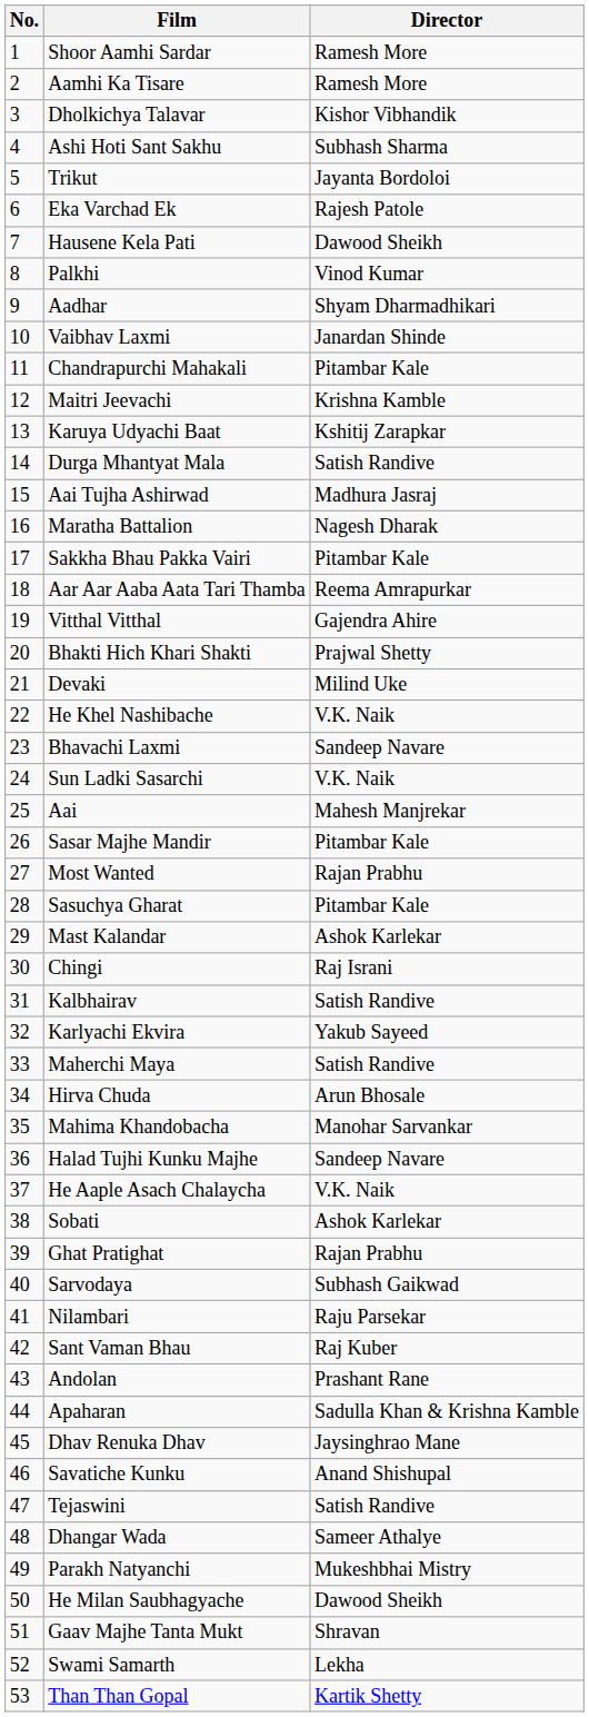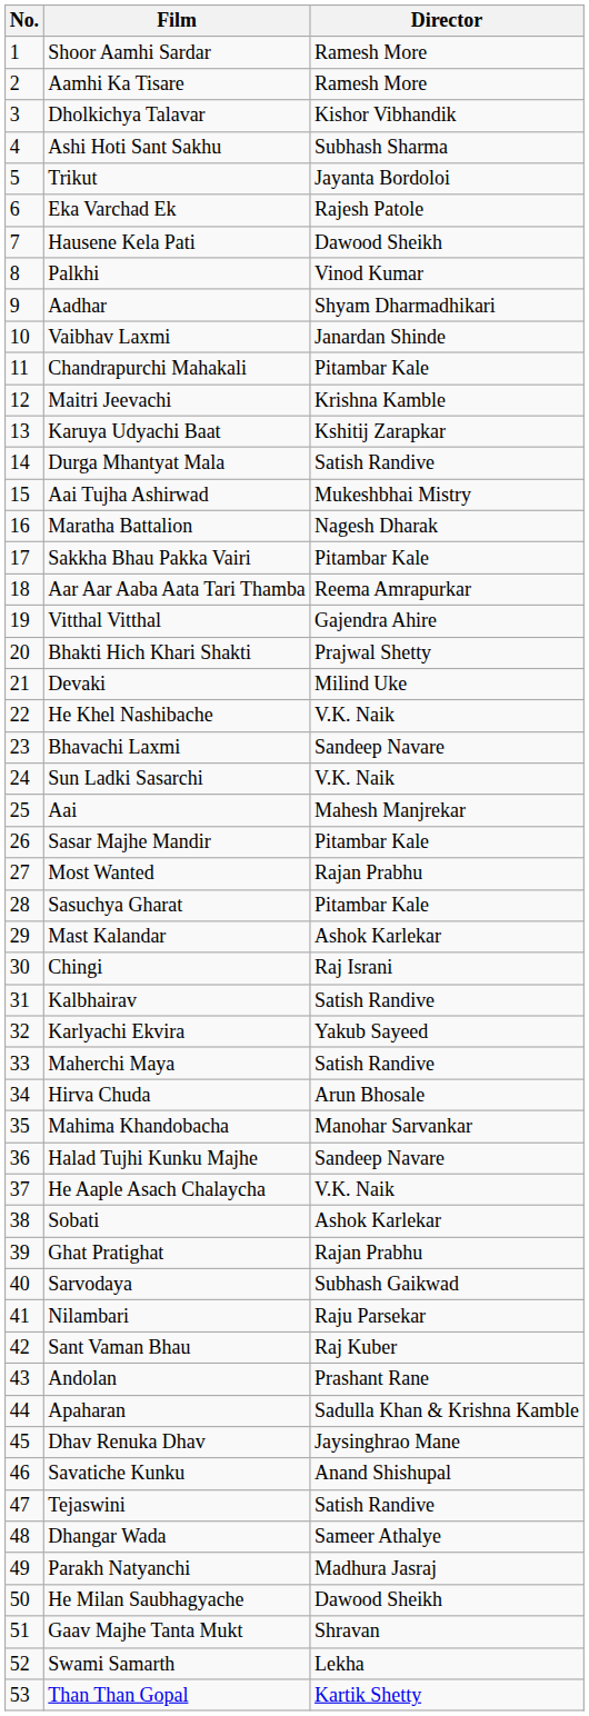 <table class="wikitable sortable">
 <tr>
 <th scope="col">No.</th>
 <th scope="col">Film</th>
 <th scope="col">Director</th>
 </tr>
 <tr>
 <td>1</td>
 <td scope="row">Shoor Aamhi Sardar</td>
 <td>Ramesh More</td>
 </tr>
 <tr>
 <td>2</td>
 <td scope="row">Aamhi Ka Tisare</td>
 <td>Ramesh More</td>
 </tr>
 <tr>
 <td>3</td>
 <td scope="row">Dholkichya Talavar</td>
 <td>Kishor Vibhandik</td>
 </tr>
 <tr>
 <td>4</td>
 <td scope="row">Ashi Hoti Sant Sakhu</td>
 <td>Subhash Sharma</td>
 </tr>
 <tr>
 <td>5</td>
 <td scope="row">Trikut</td>
 <td>Jayanta Bordoloi</td>
 </tr>
 <tr>
 <td>6</td>
 <td scope="row">Eka Varchad Ek</td>
 <td>Rajesh Patole</td>
 </tr>
 <tr>
 <td>7</td>
 <td scope="row">Hausene Kela Pati</td>
 <td>Dawood Sheikh</td>
 </tr>
 <tr>
 <td>8</td>
 <td scope="row">Palkhi</td>
 <td>Vinod Kumar</td>
 </tr>
 <tr>
 <td>9</td>
 <td scope="row">Aadhar</td>
 <td>Shyam Dharmadhikari</td>
 </tr>
 <tr>
 <td>10</td>
 <td scope="row">Vaibhav Laxmi</td>
 <td>Janardan Shinde</td>
 </tr>
 <tr>
 <td>11</td>
 <td scope="row">Chandrapurchi Mahakali</td>
 <td>Pitambar Kale</td>
 </tr>
 <tr>
 <td>12</td>
 <td scope="row">Maitri Jeevachi</td>
 <td>Krishna Kamble</td>
 </tr>
 <tr>
 <td>13</td>
 <td scope="row">Karuya Udyachi Baat</td>
 <td>Kshitij Zarapkar</td>
 </tr>
 <tr>
 <td>14</td>
 <td scope="row">Durga Mhantyat Mala</td>
 <td>Satish Randive</td>
 </tr>
 <tr>
 <td>15</td>
 <td scope="row">Aai Tujha Ashirwad</td>
-<td>Madhura Jasraj</td>
+<td>Mukeshbhai Mistry</td>
 </tr>
 <tr>
 <td>16</td>
 <td scope="row">Maratha Battalion</td>
 <td>Nagesh Dharak</td>
 </tr>
 <tr>
 <td>17</td>
 <td scope="row">Sakkha Bhau Pakka Vairi</td>
 <td>Pitambar Kale</td>
 </tr>
 <tr>
 <td>18</td>
 <td scope="row">Aar Aar Aaba Aata Tari Thamba</td>
 <td>Reema Amrapurkar</td>
 </tr>
 <tr>
 <td>19</td>
 <td scope="row">Vitthal Vitthal</td>
 <td>Gajendra Ahire</td>
 </tr>
 <tr>
 <td>20</td>
 <td scope="row">Bhakti Hich Khari Shakti</td>
 <td>Prajwal Shetty</td>
 </tr>
 <tr>
 <td>21</td>
 <td scope="row">Devaki</td>
 <td>Milind Uke</td>
 </tr>
 <tr>
 <td>22</td>
 <td scope="row">He Khel Nashibache</td>
 <td>V.K. Naik</td>
 </tr>
 <tr>
 <td>23</td>
 <td scope="row">Bhavachi Laxmi</td>
 <td>Sandeep Navare</td>
 </tr>
 <tr>
 <td>24</td>
 <td scope="row">Sun Ladki Sasarchi</td>
 <td>V.K. Naik</td>
 </tr>
 <tr>
 <td>25</td>
 <td scope="row">Aai</td>
 <td>Mahesh Manjrekar</td>
 </tr>
 <tr>
 <td>26</td>
 <td scope="row">Sasar Majhe Mandir</td>
 <td>Pitambar Kale</td>
 </tr>
 <tr>
 <td>27</td>
 <td scope="row">Most Wanted</td>
 <td>Rajan Prabhu</td>
 </tr>
 <tr>
 <td>28</td>
 <td scope="row">Sasuchya Gharat</td>
 <td>Pitambar Kale</td>
 </tr>
 <tr>
 <td>29</td>
 <td scope="row">Mast Kalandar</td>
 <td>Ashok Karlekar</td>
 </tr>
 <tr>
 <td>30</td>
 <td scope="row">Chingi</td>
 <td>Raj Israni</td>
 </tr>
 <tr>
 <td>31</td>
 <td scope="row">Kalbhairav</td>
 <td>Satish Randive</td>
 </tr>
 <tr>
 <td>32</td>
 <td scope="row">Karlyachi Ekvira</td>
 <td>Yakub Sayeed</td>
 </tr>
 <tr>
 <td>33</td>
 <td scope="row">Maherchi Maya</td>
 <td>Satish Randive</td>
 </tr>
 <tr>
 <td>34</td>
 <td scope="row">Hirva Chuda</td>
 <td>Arun Bhosale</td>
 </tr>
 <tr>
 <td>35</td>
 <td scope="row">Mahima Khandobacha</td>
 <td>Manohar Sarvankar</td>
 </tr>
 <tr>
 <td>36</td>
 <td scope="row">Halad Tujhi Kunku Majhe</td>
 <td>Sandeep Navare</td>
 </tr>
 <tr>
 <td>37</td>
 <td scope="row">He Aaple Asach Chalaycha</td>
 <td>V.K. Naik</td>
 </tr>
 <tr>
 <td>38</td>
 <td scope="row">Sobati</td>
 <td>Ashok Karlekar</td>
 </tr>
 <tr>
 <td>39</td>
 <td scope="row">Ghat Pratighat</td>
 <td>Rajan Prabhu</td>
 </tr>
 <tr>
 <td>40</td>
 <td scope="row">Sarvodaya</td>
 <td>Subhash Gaikwad</td>
 </tr>
 <tr>
 <td>41</td>
 <td scope="row">Nilambari</td>
 <td>Raju Parsekar</td>
 </tr>
 <tr>
 <td>42</td>
 <td scope="row">Sant Vaman Bhau</td>
 <td>Raj Kuber</td>
 </tr>
 <tr>
 <td>43</td>
 <td scope="row">Andolan</td>
 <td>Prashant Rane</td>
 </tr>
 <tr>
 <td>44</td>
 <td scope="row">Apaharan</td>
 <td>Sadulla Khan & Krishna Kamble</td>
 </tr>
 <tr>
 <td>45</td>
 <td scope="row">Dhav Renuka Dhav</td>
 <td>Jaysinghrao Mane</td>
 </tr>
 <tr>
 <td>46</td>
 <td scope="row">Savatiche Kunku</td>
 <td>Anand Shishupal</td>
 </tr>
 <tr>
 <td>47</td>
 <td scope="row">Tejaswini</td>
 <td>Satish Randive</td>
 </tr>
 <tr>
 <td>48</td>
 <td scope="row">Dhangar Wada</td>
 <td>Sameer Athalye</td>
 </tr>
 <tr>
 <td>49</td>
 <td scope="row">Parakh Natyanchi</td>
-<td>Mukeshbhai Mistry</td>
+<td>Madhura Jasraj</td>
 </tr>
 <tr>
 <td>50</td>
 <td scope="row">He Milan Saubhagyache</td>
 <td>Dawood Sheikh</td>
 </tr>
 <tr>
 <td>51</td>
 <td scope="row">Gaav Majhe Tanta Mukt</td>
 <td>Shravan</td>
 </tr>
 <tr>
 <td>52</td>
 <td scope="row">Swami Samarth</td>
 <td>Lekha</td>
 </tr>
 <tr>
 <td>53</td>
 <td scope="row"><a href='#'>Than Than Gopal</a></td>
 <td><a href='#'>Kartik Shetty</a></td>
 </tr>
 </table>
